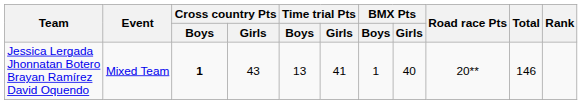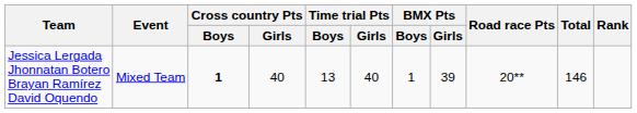 <table class="wikitable" border="1" style="font-size:90%">
 <tr>
 <th rowspan=2>Team</th>
 <th rowspan=2>Event</th>
 <th colspan=2>Cross country Pts</th>
 <th colspan=2>Time trial Pts</th>
 <th colspan=2>BMX Pts</th>
 <th rowspan=2>Road race Pts</th>
 <th rowspan=2>Total</th>
 <th rowspan=2>Rank</th>
 </tr>
 <tr>
 <th>Boys</th>
 <th>Girls</th>
 <th>Boys</th>
 <th>Girls</th>
 <th>Boys</th>
 <th>Girls</th>
 </tr>
 <tr>
 <td><a href='#'>Jessica Lergada</a><br><a href='#'>Jhonnatan Botero</a><br><a href='#'>Brayan Ramírez</a><br><a href='#'>David Oquendo</a></td>
 <td><a href='#'>Mixed Team</a></td>
 <td align=center><strong>1</strong></td>
-<td align=center>43</td>
+<td align=center>40</td>
 <td align=center>13</td>
-<td align=center>41</td>
+<td align=center>40</td>
 <td align=center>1</td>
-<td align=center>40</td>
+<td align=center>39</td>
 <td align=center>20**</td>
 <td align=center>146</td>
 <td align=center></td>
 </tr>
 </table>
